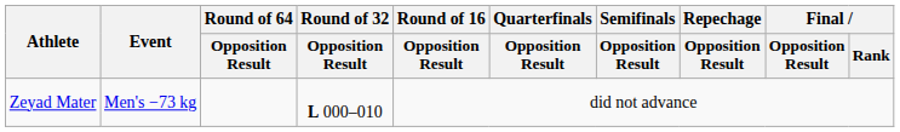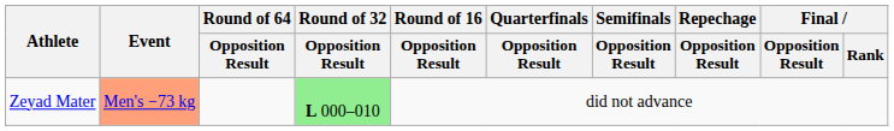 <table class="wikitable" style="font-size:90%">
 <tr>
 <th rowspan=2>Athlete</th>
 <th rowspan=2>Event</th>
 <th>Round of 64</th>
 <th>Round of 32</th>
 <th>Round of 16</th>
 <th>Quarterfinals</th>
 <th>Semifinals</th>
 <th>Repechage</th>
 <th colspan=2>Final / </th>
 </tr>
 <tr style="font-size:95%">
 <th>Opposition<br>Result</th>
 <th>Opposition<br>Result</th>
 <th>Opposition<br>Result</th>
 <th>Opposition<br>Result</th>
 <th>Opposition<br>Result</th>
 <th>Opposition<br>Result</th>
 <th>Opposition<br>Result</th>
 <th>Rank</th>
 </tr>
 <tr align=center>
 <td align=left><a href='#'>Zeyad Mater</a></td>
-<td align=left><a href='#'>Men's −73 kg</a></td>
+<td align=left style="background: lightsalmon;"><a href='#'>Men's −73 kg</a></td>
 <td></td>
-<td><br><strong>L</strong> 000–010</td>
+<td style="background: lightgreen;"><br><strong>L</strong> 000–010</td>
 <td colspan=6>did not advance</td>
 </tr>
 </table>
